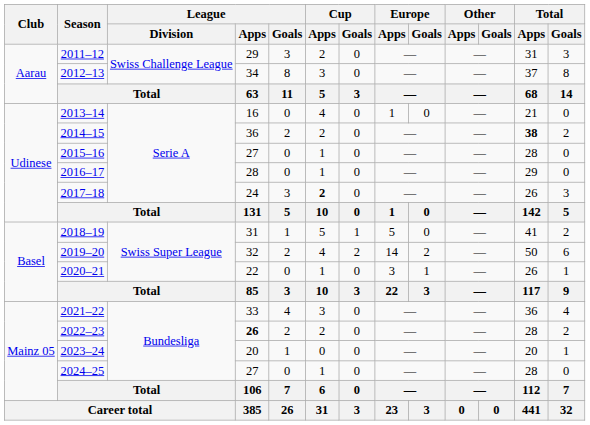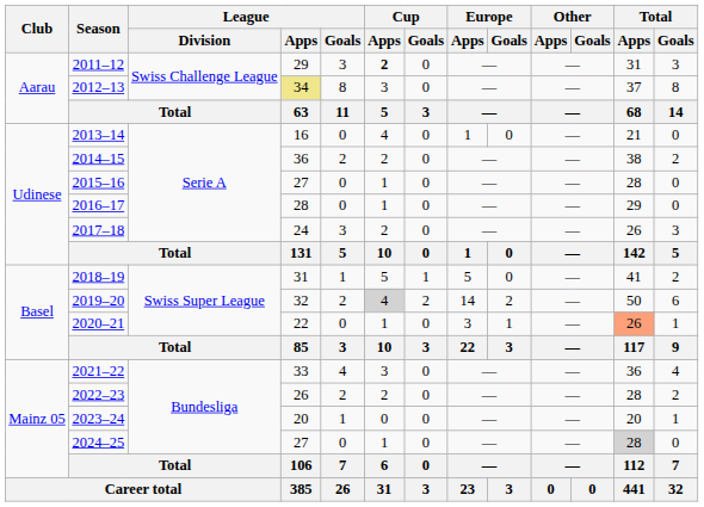 <table class=wikitable style="text-align: center;">
 <tr>
 <th rowspan=2>Club</th>
 <th rowspan=2>Season</th>
 <th colspan=3>League</th>
 <th colspan=2>Cup</th>
 <th colspan=2>Europe</th>
 <th colspan=2>Other</th>
 <th colspan=2>Total</th>
 </tr>
 <tr>
 <th>Division</th>
 <th>Apps</th>
 <th>Goals</th>
 <th>Apps</th>
 <th>Goals</th>
 <th>Apps</th>
 <th>Goals</th>
 <th>Apps</th>
 <th>Goals</th>
 <th>Apps</th>
 <th>Goals</th>
 </tr>
 <tr>
 <td rowspan=3><a href='#'>Aarau</a></td>
 <td><a href='#'>2011–12</a></td>
 <td rowspan=2><a href='#'>Swiss Challenge League</a></td>
 <td>29</td>
 <td>3</td>
-<td>2</td>
+<td><strong>2</strong></td>
 <td>0</td>
 <td colspan=2>—</td>
 <td colspan=2>—</td>
 <td>31</td>
 <td>3</td>
 </tr>
 <tr>
 <td><a href='#'>2012–13</a></td>
-<td>34</td>
+<td style="background: khaki;">34</td>
 <td>8</td>
 <td>3</td>
 <td>0</td>
 <td colspan=2>—</td>
 <td colspan=2>—</td>
 <td>37</td>
 <td>8</td>
 </tr>
 <tr>
 <th colspan=2>Total</th>
 <th>63</th>
 <th>11</th>
 <th>5</th>
 <th>3</th>
 <th colspan=2>—</th>
 <th colspan=2>—</th>
 <th>68</th>
 <th>14</th>
 </tr>
 <tr>
 <td rowspan=6><a href='#'>Udinese</a></td>
 <td><a href='#'>2013–14</a></td>
 <td rowspan=5><a href='#'>Serie A</a></td>
 <td>16</td>
 <td>0</td>
 <td>4</td>
 <td>0</td>
 <td>1</td>
 <td>0</td>
 <td colspan=2>—</td>
 <td>21</td>
 <td>0</td>
 </tr>
 <tr>
 <td><a href='#'>2014–15</a></td>
 <td>36</td>
 <td>2</td>
 <td>2</td>
 <td>0</td>
 <td colspan=2>—</td>
 <td colspan=2>—</td>
-<td><strong>38</strong></td>
+<td>38</td>
 <td>2</td>
 </tr>
 <tr>
 <td><a href='#'>2015–16</a></td>
 <td>27</td>
 <td>0</td>
 <td>1</td>
 <td>0</td>
 <td colspan=2>—</td>
 <td colspan=2>—</td>
 <td>28</td>
 <td>0</td>
 </tr>
 <tr>
 <td><a href='#'>2016–17</a></td>
 <td>28</td>
 <td>0</td>
 <td>1</td>
 <td>0</td>
 <td colspan=2>—</td>
 <td colspan=2>—</td>
 <td>29</td>
 <td>0</td>
 </tr>
 <tr>
 <td><a href='#'>2017–18</a></td>
 <td>24</td>
 <td>3</td>
-<td><strong>2</strong></td>
+<td>2</td>
 <td>0</td>
 <td colspan=2>—</td>
 <td colspan=2>—</td>
 <td>26</td>
 <td>3</td>
 </tr>
 <tr>
 <th colspan=2>Total</th>
 <th>131</th>
 <th>5</th>
 <th>10</th>
 <th>0</th>
 <th>1</th>
 <th>0</th>
 <th colspan=2>—</th>
 <th>142</th>
 <th>5</th>
 </tr>
 <tr>
 <td rowspan=4><a href='#'>Basel</a></td>
 <td><a href='#'>2018–19</a></td>
 <td rowspan=3><a href='#'>Swiss Super League</a></td>
 <td>31</td>
 <td>1</td>
 <td>5</td>
 <td>1</td>
 <td>5</td>
 <td>0</td>
 <td colspan=2>—</td>
 <td>41</td>
 <td>2</td>
 </tr>
 <tr>
 <td><a href='#'>2019–20</a></td>
 <td>32</td>
 <td>2</td>
-<td>4</td>
+<td style="background: lightgrey;">4</td>
 <td>2</td>
 <td>14</td>
 <td>2</td>
 <td colspan=2>—</td>
 <td>50</td>
 <td>6</td>
 </tr>
 <tr>
 <td><a href='#'>2020–21</a></td>
 <td>22</td>
 <td>0</td>
 <td>1</td>
 <td>0</td>
 <td>3</td>
 <td>1</td>
 <td colspan=2>—</td>
-<td>26</td>
+<td style="background: lightsalmon;">26</td>
 <td>1</td>
 </tr>
 <tr>
 <th colspan=2>Total</th>
 <th>85</th>
 <th>3</th>
 <th>10</th>
 <th>3</th>
 <th>22</th>
 <th>3</th>
 <th colspan=2>—</th>
 <th>117</th>
 <th>9</th>
 </tr>
 <tr>
 <td rowspan=5><a href='#'>Mainz 05</a></td>
 <td><a href='#'>2021–22</a></td>
 <td rowspan=4><a href='#'>Bundesliga</a></td>
 <td>33</td>
 <td>4</td>
 <td>3</td>
 <td>0</td>
 <td colspan=2>—</td>
 <td colspan=2>—</td>
 <td>36</td>
 <td>4</td>
 </tr>
 <tr>
 <td><a href='#'>2022–23</a></td>
-<td><strong>26</strong></td>
+<td>26</td>
 <td>2</td>
 <td>2</td>
 <td>0</td>
 <td colspan=2>—</td>
 <td colspan=2>—</td>
 <td>28</td>
 <td>2</td>
 </tr>
 <tr>
 <td><a href='#'>2023–24</a></td>
 <td>20</td>
 <td>1</td>
 <td>0</td>
 <td>0</td>
 <td colspan=2>—</td>
 <td colspan=2>—</td>
 <td>20</td>
 <td>1</td>
 </tr>
 <tr>
 <td><a href='#'>2024–25</a></td>
 <td>27</td>
 <td>0</td>
 <td>1</td>
 <td>0</td>
 <td colspan=2>—</td>
 <td colspan=2>—</td>
-<td>28</td>
+<td style="background: lightgrey;">28</td>
 <td>0</td>
 </tr>
 <tr>
 <th colspan=2>Total</th>
 <th>106</th>
 <th>7</th>
 <th>6</th>
 <th>0</th>
 <th colspan=2>—</th>
 <th colspan=2>—</th>
 <th>112</th>
 <th>7</th>
 </tr>
 <tr>
 <th colspan=3>Career total</th>
 <th>385</th>
 <th>26</th>
 <th>31</th>
 <th>3</th>
 <th>23</th>
 <th>3</th>
 <th>0</th>
 <th>0</th>
 <th>441</th>
 <th>32</th>
 </tr>
 </table>
